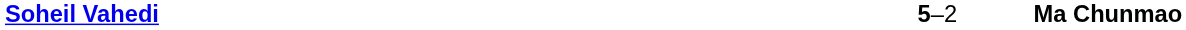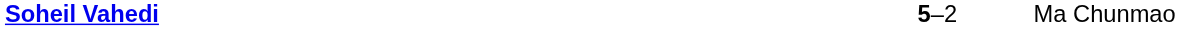 <table width="100%" cellspacing="1">
 <tr>
 <th width=45%></th>
 <th width=10%></th>
 <th width=45%></th>
 </tr>
 <tr>
 <td> <strong><a href='#'>Soheil Vahedi</a></strong></td>
 <td align="center"><strong>5</strong>–2</td>
-<td><strong> Ma Chunmao</strong></td>
+<td> Ma Chunmao</td>
 </tr>
 </table>
